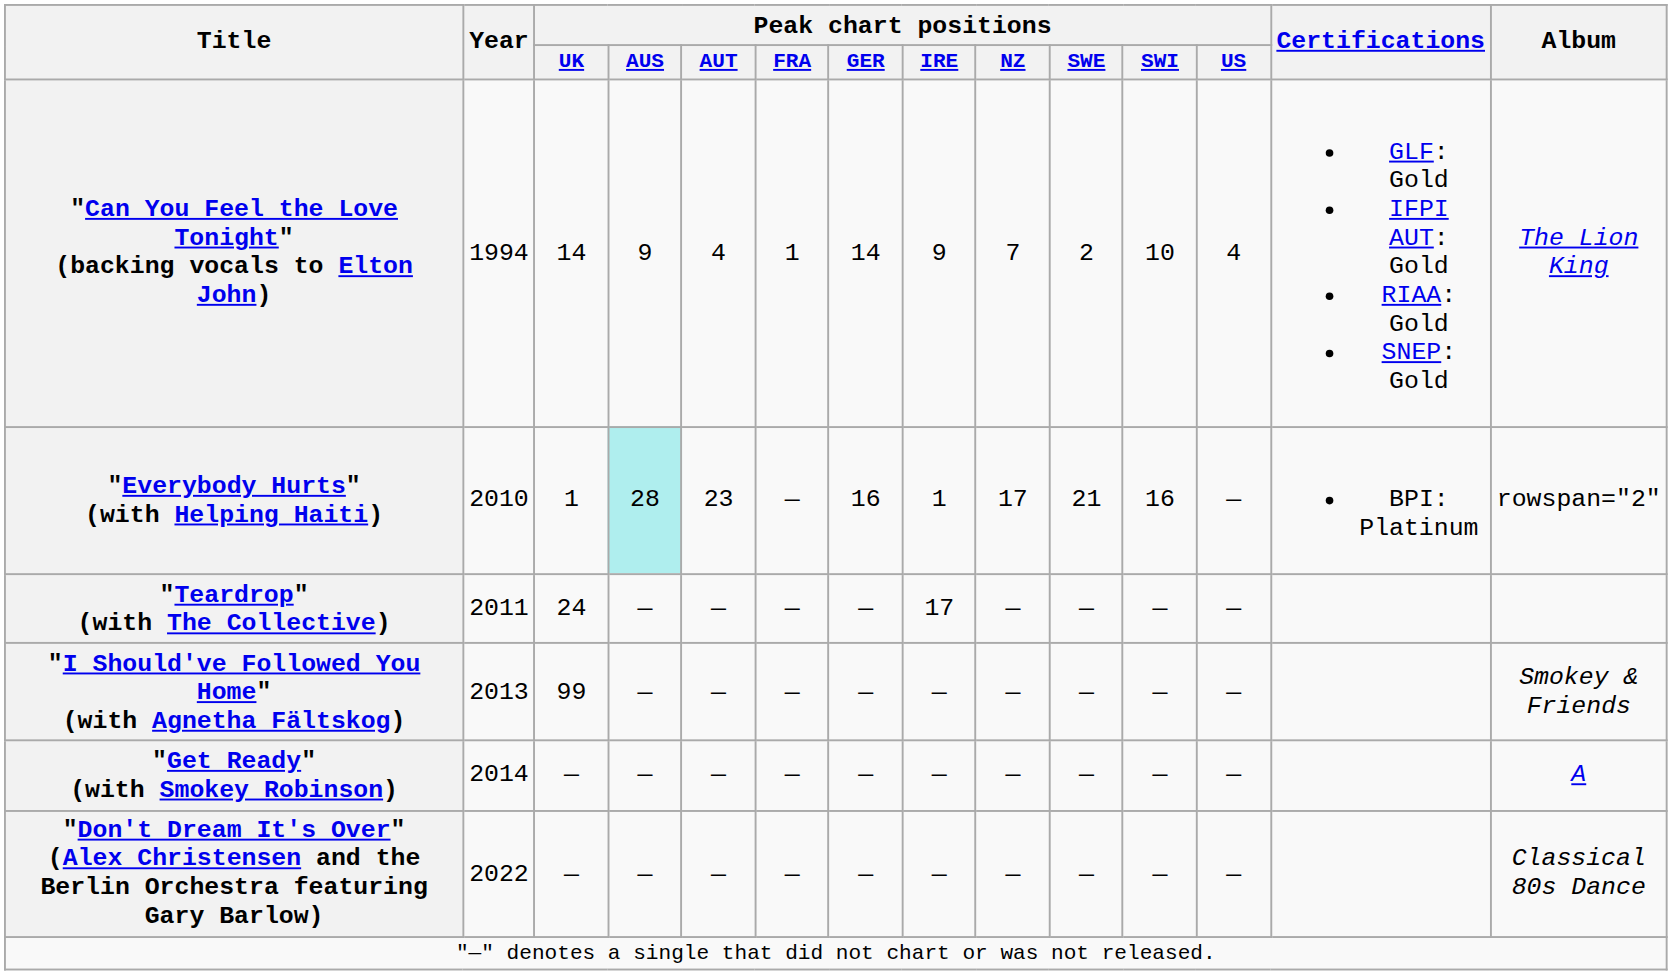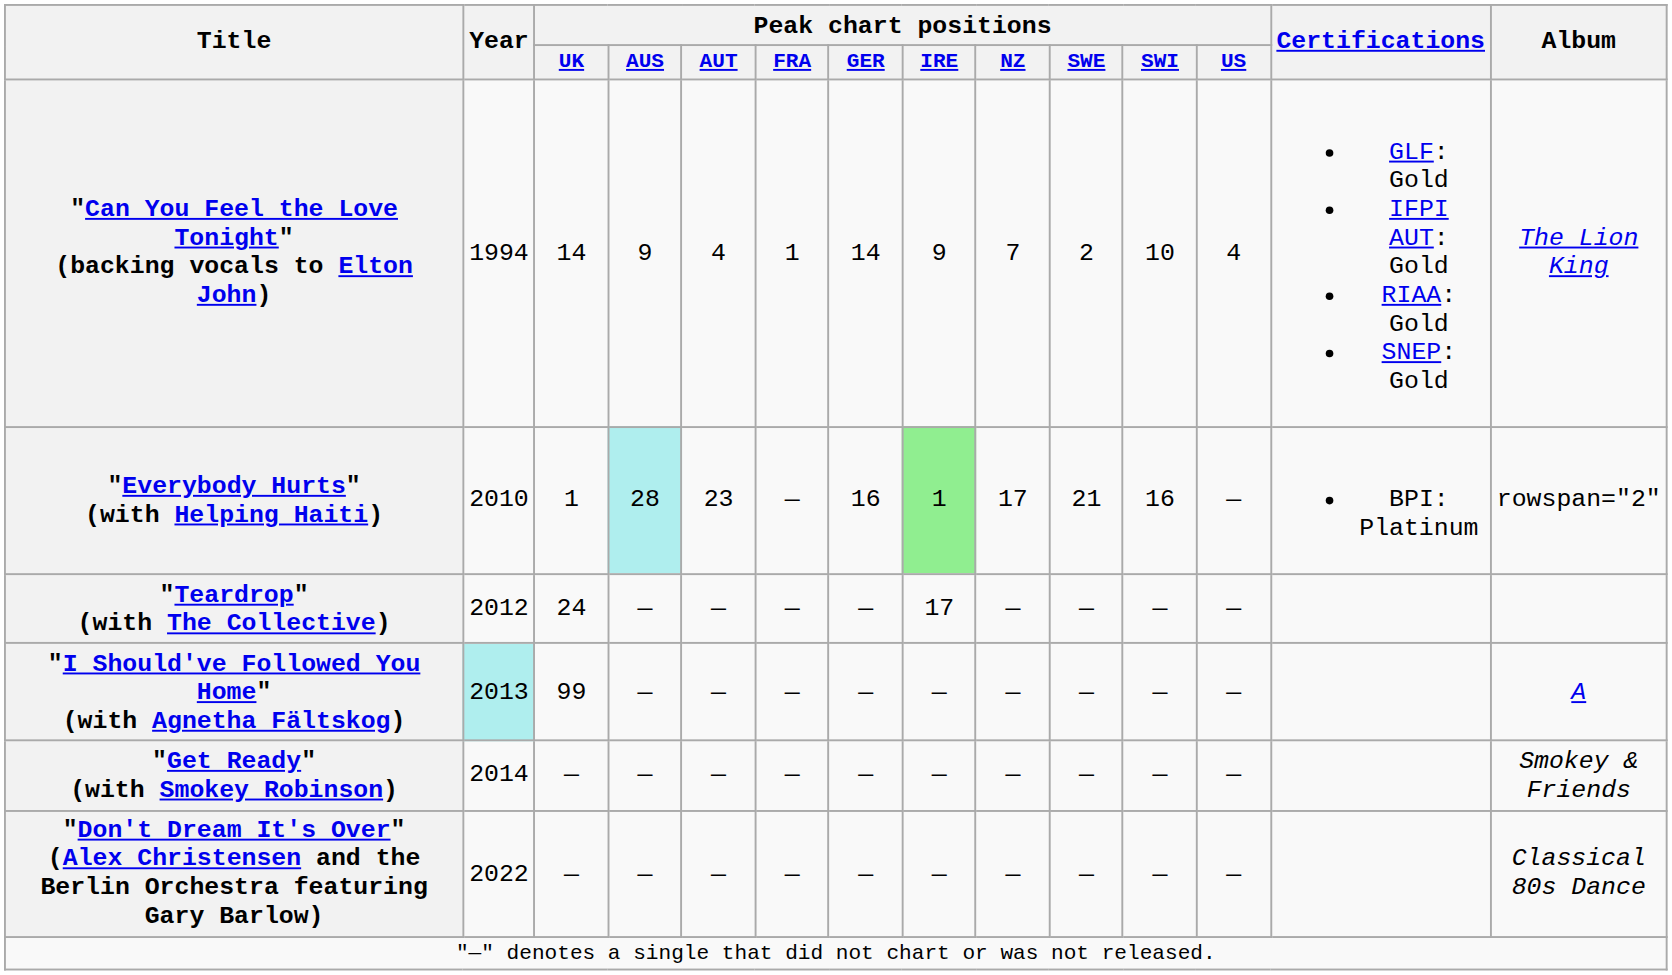 <table class="wikitable plainrowheaders" style="text-align:center;">
 <tr>
 <th scope="col" rowspan="2" style="width:18em;">Title</th>
 <th scope="col" rowspan="2" style="width:1em;">Year</th>
 <th scope="col" colspan="10">Peak chart positions</th>
 <th scope="col" rowspan="2"><a href='#'>Certifications</a></th>
 <th scope="col" rowspan="2">Album</th>
 </tr>
 <tr>
 <th scope="col" style="width:3em;font-size:85%;"><a href='#'>UK</a><br></th>
 <th scope="col" style="width:3em;font-size:85%;"><a href='#'>AUS</a><br></th>
 <th scope="col" style="width:3em;font-size:85%;"><a href='#'>AUT</a><br></th>
 <th scope="col" style="width:3em;font-size:85%;"><a href='#'>FRA</a><br></th>
 <th scope="col" style="width:3em;font-size:85%;"><a href='#'>GER</a><br></th>
 <th scope="col" style="width:3em;font-size:85%;"><a href='#'>IRE</a><br></th>
 <th scope="col" style="width:3em;font-size:85%;"><a href='#'>NZ</a><br></th>
 <th scope="col" style="width:3em;font-size:85%;"><a href='#'>SWE</a><br></th>
 <th scope="col" style="width:3em;font-size:85%;"><a href='#'>SWI</a><br></th>
 <th scope="col" style="width:3em;font-size:85%;"><a href='#'>US</a><br></th>
 </tr>
 <tr>
 <th scope="row">"<a href='#'>Can You Feel the Love Tonight</a>"<br><span>(backing vocals to <a href='#'>Elton John</a>)</span></th>
 <td>1994</td>
 <td>14</td>
 <td>9</td>
 <td>4</td>
 <td>1</td>
 <td>14</td>
 <td>9</td>
 <td>7</td>
 <td>2</td>
 <td>10</td>
 <td>4</td>
 <td><br><ul><li><a href='#'>GLF</a>: Gold</li><li><a href='#'>IFPI AUT</a>: Gold</li><li><a href='#'>RIAA</a>: Gold</li><li><a href='#'>SNEP</a>: Gold</li></ul></td>
 <td><em><a href='#'>The Lion King</a></em></td>
 </tr>
 <tr>
 <th scope="row">"<a href='#'>Everybody Hurts</a>"<br><span>(with <a href='#'>Helping Haiti</a>)</span></th>
 <td>2010</td>
 <td>1</td>
 <td style="background: paleturquoise;">28</td>
 <td>23</td>
 <td>—</td>
 <td>16</td>
-<td>1</td>
+<td style="background: lightgreen;">1</td>
 <td>17</td>
 <td>21</td>
 <td>16</td>
 <td>—</td>
 <td><br><ul><li>BPI: Platinum</li></ul></td>
 <td>rowspan="2" </td>
 </tr>
 <tr>
 <th scope="row">"<a href='#'>Teardrop</a>"<br><span>(with <a href='#'>The Collective</a>)</span></th>
-<td>2011</td>
+<td>2012</td>
 <td>24</td>
 <td>—</td>
 <td>—</td>
 <td>—</td>
 <td>—</td>
 <td>17</td>
 <td>—</td>
 <td>—</td>
 <td>—</td>
 <td>—</td>
 <td></td>
 </tr>
 <tr>
 <th scope="row">"<a href='#'>I Should've Followed You Home</a>"<br><span>(with <a href='#'>Agnetha Fältskog</a>)</span></th>
-<td>2013</td>
+<td style="background: paleturquoise;">2013</td>
 <td>99</td>
 <td>—</td>
 <td>—</td>
 <td>—</td>
 <td>—</td>
 <td>—</td>
 <td>—</td>
 <td>—</td>
 <td>—</td>
 <td>—</td>
 <td></td>
-<td><em>Smokey & Friends</em></td>
+<td><em><a href='#'>A</a></em></td>
 </tr>
 <tr>
 <th scope="row">"<a href='#'>Get Ready</a>"<br><span>(with <a href='#'>Smokey Robinson</a>)</span></th>
 <td>2014</td>
 <td>—</td>
 <td>—</td>
 <td>—</td>
 <td>—</td>
 <td>—</td>
 <td>—</td>
 <td>—</td>
 <td>—</td>
 <td>—</td>
 <td>—</td>
 <td></td>
-<td><em><a href='#'>A</a></em></td>
+<td><em>Smokey & Friends</em></td>
 </tr>
 <tr>
 <th scope="row">"<a href='#'>Don't Dream It's Over</a>"<br><span>(<a href='#'>Alex Christensen</a> and the Berlin Orchestra featuring Gary Barlow)</span></th>
 <td>2022</td>
 <td>—</td>
 <td>—</td>
 <td>—</td>
 <td>—</td>
 <td>—</td>
 <td>—</td>
 <td>—</td>
 <td>—</td>
 <td>—</td>
 <td>—</td>
 <td></td>
 <td><em>Classical 80s Dance</em></td>
 </tr>
 <tr>
 <td colspan="20" style="font-size:85%;">"—" denotes a single that did not chart or was not released.</td>
 </tr>
 </table>
